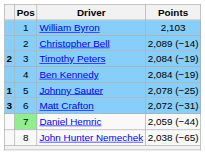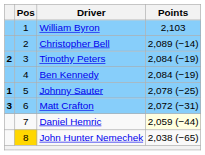 <table class="wikitable" style="font-size: 95%;">
 <tr>
 <th></th>
 <th>Pos</th>
 <th>Driver</th>
 <th>Points</th>
 </tr>
 <tr style="background:#87CEFA;">
 <td align="left"></td>
 <td style="text-align:center;">1</td>
 <td><a href='#'>William Byron</a></td>
 <td style="text-align:center;">2,103</td>
 </tr>
 <tr style="background:#87CEFA;">
 <td align="left"></td>
 <td style="text-align:center;">2</td>
 <td><a href='#'>Christopher Bell</a></td>
 <td style="text-align:center;">2,089 (−14)</td>
 </tr>
 <tr style="background:#87CEFA;">
 <td align="left"> <strong>2</strong></td>
 <td style="text-align:center;">3</td>
 <td><a href='#'>Timothy Peters</a></td>
 <td style="text-align:center;">2,084 (−19)</td>
 </tr>
 <tr style="background:#87CEFA;">
 <td align="left"></td>
 <td style="text-align:center;">4</td>
 <td><a href='#'>Ben Kennedy</a></td>
 <td style="text-align:center;">2,084 (−19)</td>
 </tr>
 <tr style="background:#87CEFA;">
 <td align="left"> <strong>1</strong></td>
 <td style="text-align:center;">5</td>
 <td><a href='#'>Johnny Sauter</a></td>
 <td style="text-align:center;">2,078 (−25)</td>
 </tr>
 <tr style="background:#87CEFA;">
 <td align="left"> <strong>3</strong></td>
 <td style="text-align:center;">6</td>
 <td><a href='#'>Matt Crafton</a></td>
 <td style="text-align:center;">2,072 (−31)</td>
 </tr>
 <tr>
 <td align="left"></td>
-<td style="background: lightgreen; text-align:center;">7</td>
+<td style="text-align:center;">7</td>
 <td><a href='#'>Daniel Hemric</a></td>
-<td style="text-align:center;">2,059 (−44)</td>
+<td style="background: lightyellow; text-align:center;">2,059 (−44)</td>
 </tr>
 <tr>
 <td align="left"></td>
-<td style="text-align:center;">8</td>
+<td style="background: gold; text-align:center;">8</td>
 <td><a href='#'>John Hunter Nemechek</a></td>
 <td style="text-align:center;">2,038 (−65)</td>
 </tr>
 <tr class="sortbottom">
 <th colspan="9"></th>
 </tr>
 </table>
